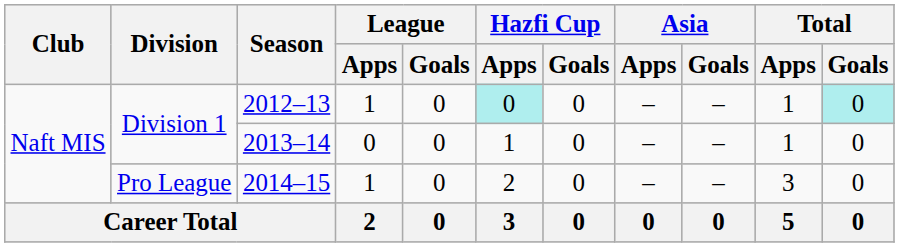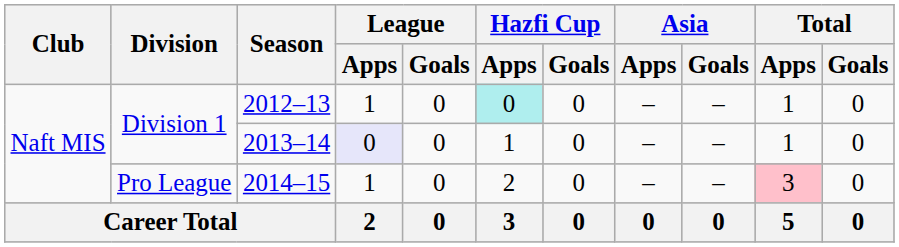 <table class="wikitable" style="text-align: center;">
 <tr>
 <th rowspan="2">Club</th>
 <th rowspan="2">Division</th>
 <th rowspan="2">Season</th>
 <th colspan="2">League</th>
 <th colspan="2"><a href='#'>Hazfi Cup</a></th>
 <th colspan="2"><a href='#'>Asia</a></th>
 <th colspan="2">Total</th>
 </tr>
 <tr>
 <th>Apps</th>
 <th>Goals</th>
 <th>Apps</th>
 <th>Goals</th>
 <th>Apps</th>
 <th>Goals</th>
 <th>Apps</th>
 <th>Goals</th>
 </tr>
 <tr>
 <td rowspan="3"><a href='#'>Naft MIS</a></td>
 <td rowspan="2"><a href='#'>Division 1</a></td>
 <td><a href='#'>2012–13</a></td>
 <td>1</td>
 <td>0</td>
 <td style="background: paleturquoise;">0</td>
 <td>0</td>
 <td>–</td>
 <td>–</td>
 <td>1</td>
-<td style="background: paleturquoise;">0</td>
+<td>0</td>
 </tr>
 <tr>
 <td><a href='#'>2013–14</a></td>
-<td>0</td>
+<td style="background: lavender;">0</td>
 <td>0</td>
 <td>1</td>
 <td>0</td>
 <td>–</td>
 <td>–</td>
 <td>1</td>
 <td>0</td>
 </tr>
 <tr>
 <td><a href='#'>Pro League</a></td>
 <td><a href='#'>2014–15</a></td>
 <td>1</td>
 <td>0</td>
 <td>2</td>
 <td>0</td>
 <td>–</td>
 <td>–</td>
-<td>3</td>
+<td style="background: pink;">3</td>
 <td>0</td>
 </tr>
 <tr>
 <th colspan=3>Career Total</th>
 <th>2</th>
 <th>0</th>
 <th>3</th>
 <th>0</th>
 <th>0</th>
 <th>0</th>
 <th>5</th>
 <th>0</th>
 </tr>
 </table>
